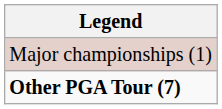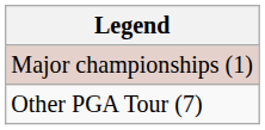 <table class="wikitable" style="font-size:95%;">
 <tr>
 <th>Legend</th>
 </tr>
 <tr style="background:#e5d1cb;">
 <td>Major championships (1)</td>
 </tr>
 <tr>
-<td><strong>Other PGA Tour (7)</strong></td>
+<td>Other PGA Tour (7)</td>
 </tr>
 </table>
